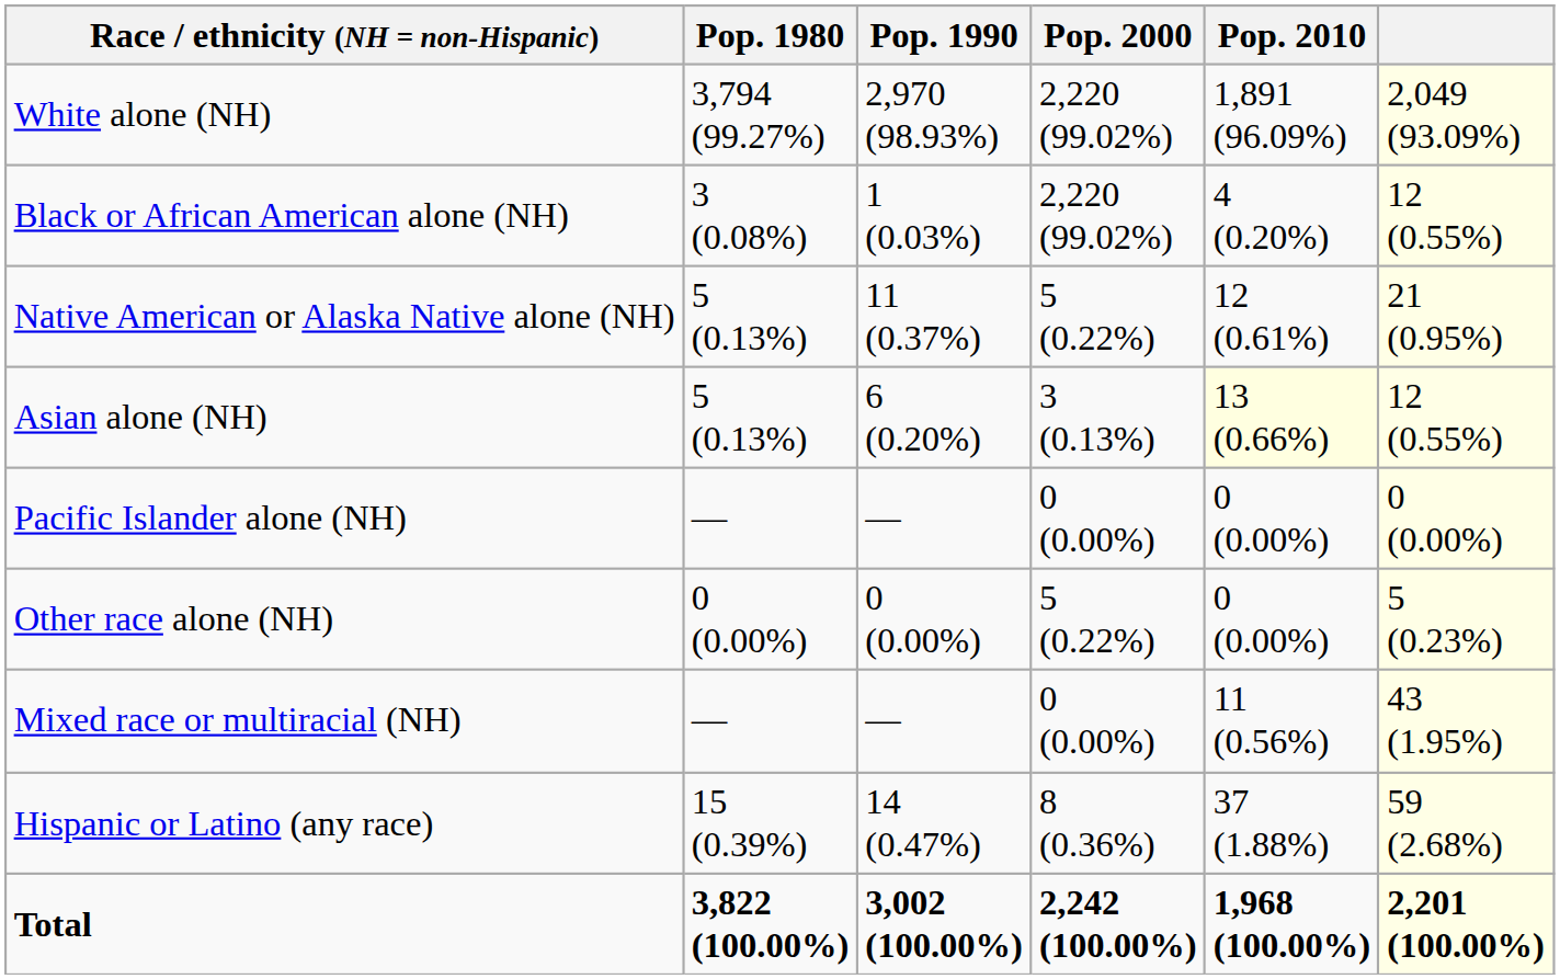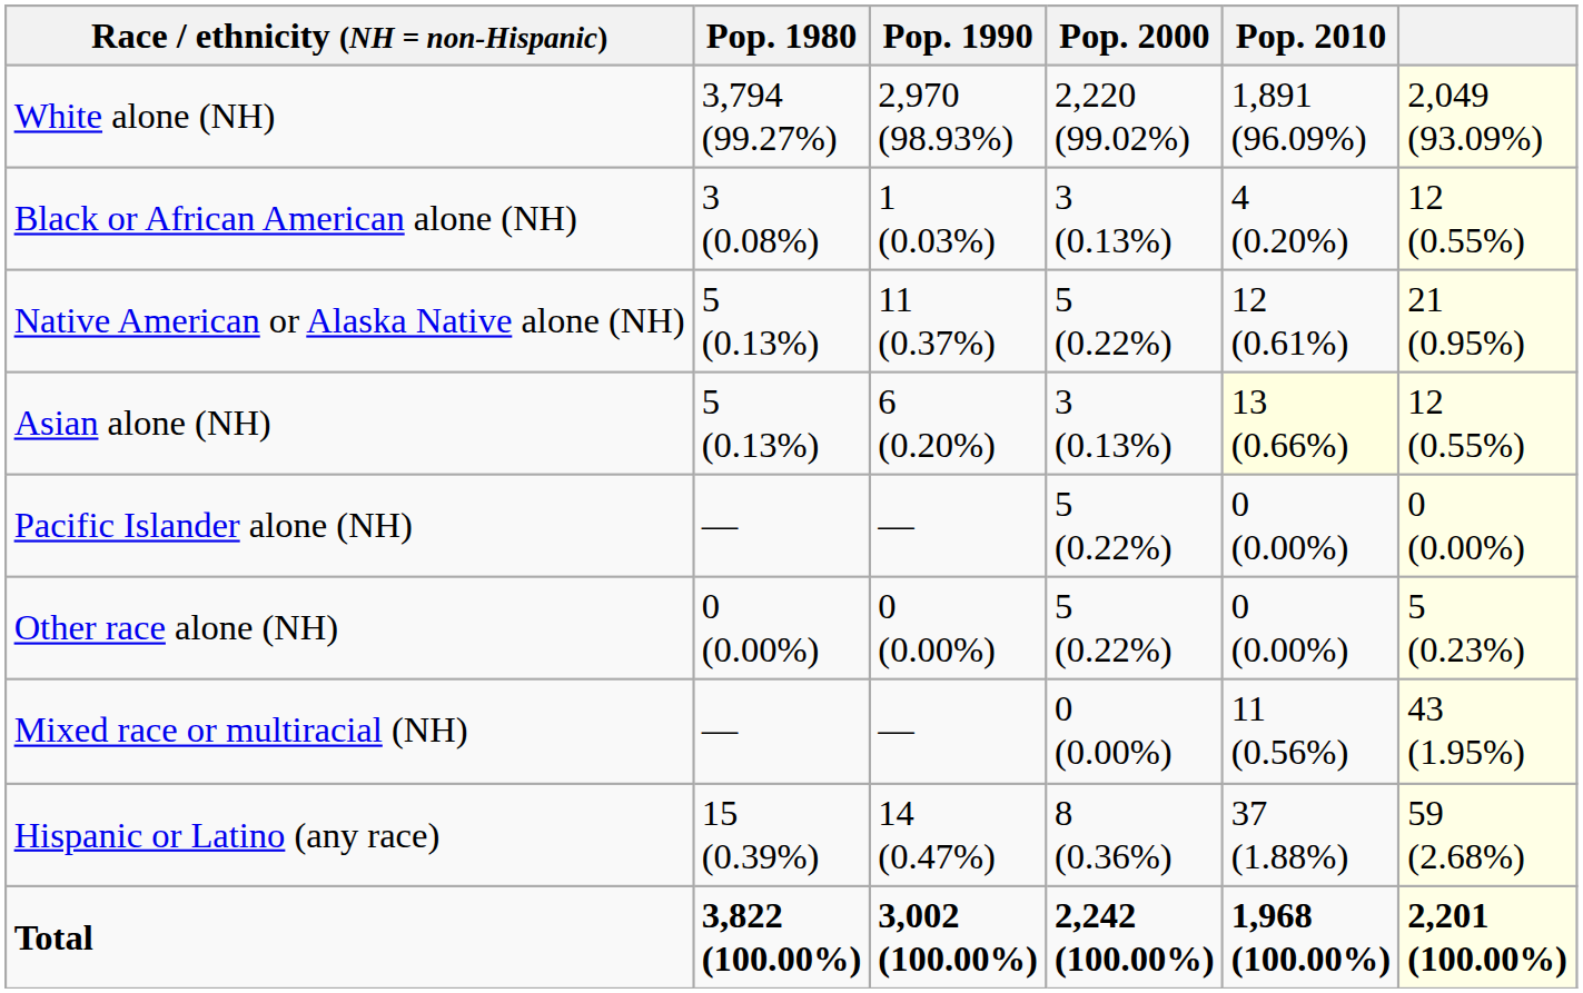 <table class="wikitable sortable collapsible" style="font-size: 95%;">
 <tr>
 <th>Race / ethnicity <small>(<em>NH = non-Hispanic</em>)</small></th>
 <th>Pop. 1980</th>
 <th>Pop. 1990</th>
 <th>Pop. 2000</th>
 <th>Pop. 2010</th>
 <th></th>
 </tr>
 <tr>
 <td><a href='#'>White</a> alone (NH)</td>
 <td>3,794<br>(99.27%)</td>
 <td>2,970<br>(98.93%)</td>
 <td>2,220<br>(99.02%)</td>
 <td>1,891<br>(96.09%)</td>
 <td style='background: #ffffe6;'>2,049<br>(93.09%)</td>
 </tr>
 <tr>
 <td><a href='#'>Black or African American</a> alone (NH)</td>
 <td>3<br>(0.08%)</td>
 <td>1<br>(0.03%)</td>
-<td>2,220<br>(99.02%)</td>
+<td>3<br>(0.13%)</td>
 <td>4<br>(0.20%)</td>
 <td style='background: #ffffe6;'>12<br>(0.55%)</td>
 </tr>
 <tr>
 <td><a href='#'>Native American</a> or <a href='#'>Alaska Native</a> alone (NH)</td>
 <td>5<br>(0.13%)</td>
 <td>11<br>(0.37%)</td>
 <td>5<br>(0.22%)</td>
 <td>12<br>(0.61%)</td>
 <td style='background: #ffffe6;'>21<br>(0.95%)</td>
 </tr>
 <tr>
 <td><a href='#'>Asian</a> alone (NH)</td>
 <td>5<br>(0.13%)</td>
 <td>6<br>(0.20%)</td>
 <td>3<br>(0.13%)</td>
 <td style="background: lightyellow;">13<br>(0.66%)</td>
 <td style='background: #ffffe6;'>12<br>(0.55%)</td>
 </tr>
 <tr>
 <td><a href='#'>Pacific Islander</a> alone (NH)</td>
 <td>—</td>
 <td>—</td>
-<td>0<br>(0.00%)</td>
+<td>5<br>(0.22%)</td>
 <td>0<br>(0.00%)</td>
 <td style='background: #ffffe6;'>0<br>(0.00%)</td>
 </tr>
 <tr>
 <td><a href='#'>Other race</a> alone (NH)</td>
 <td>0<br>(0.00%)</td>
 <td>0<br>(0.00%)</td>
 <td>5<br>(0.22%)</td>
 <td>0<br>(0.00%)</td>
 <td style='background: #ffffe6;'>5<br>(0.23%)</td>
 </tr>
 <tr>
 <td><a href='#'>Mixed race or multiracial</a> (NH)</td>
 <td>—</td>
 <td>—</td>
 <td>0<br>(0.00%)</td>
 <td>11<br>(0.56%)</td>
 <td style='background: #ffffe6;'>43<br>(1.95%)</td>
 </tr>
 <tr>
 <td><a href='#'>Hispanic or Latino</a> (any race)</td>
 <td>15<br>(0.39%)</td>
 <td>14<br>(0.47%)</td>
 <td>8<br>(0.36%)</td>
 <td>37<br>(1.88%)</td>
 <td style='background: #ffffe6;'>59<br>(2.68%)</td>
 </tr>
 <tr>
 <td><strong>Total</strong></td>
 <td><strong>3,822<br>(100.00%)</strong></td>
 <td><strong>3,002<br>(100.00%)</strong></td>
 <td><strong>2,242<br>(100.00%)</strong></td>
 <td><strong>1,968<br>(100.00%)</strong></td>
 <td style='background: #ffffe6;'><strong>2,201<br>(100.00%)</strong></td>
 </tr>
 </table>
